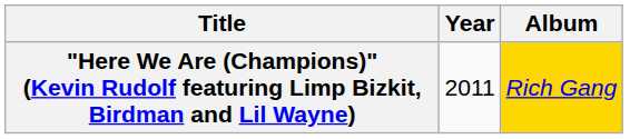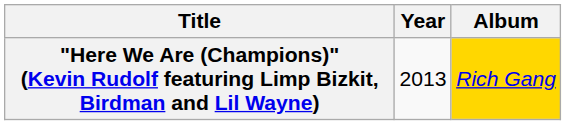 <table class="wikitable plainrowheaders" style="text-align:center;">
 <tr>
 <th scope="col" style="width:18em;">Title</th>
 <th scope="col">Year</th>
 <th scope="col">Album</th>
 </tr>
 <tr>
 <th scope="row">"Here We Are (Champions)"<br><span>(<a href='#'>Kevin Rudolf</a> featuring Limp Bizkit, <a href='#'>Birdman</a> and <a href='#'>Lil Wayne</a>)</span></th>
-<td>2011</td>
+<td>2013</td>
 <td style="background: gold;"><em><a href='#'>Rich Gang</a></em></td>
 </tr>
 </table>
